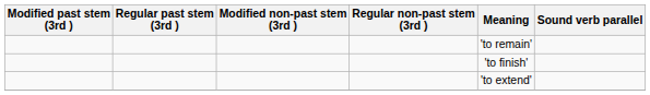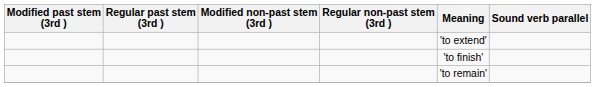 <table class="wikitable" style="text-align:center">
 <tr>
 <th>Modified past stem <br>(3rd  )</th>
 <th>Regular past stem <br> (3rd  )</th>
 <th>Modified non-past stem <br> (3rd  )</th>
 <th>Regular non-past stem<br>(3rd  )</th>
 <th>Meaning</th>
 <th>Sound verb parallel</th>
 </tr>
 <tr>
 <td> <br></td>
 <td> <br></td>
 <td> <br> </td>
 <td> <br> </td>
-<td>'to remain'</td>
+<td>'to extend'</td>
 <td> <br> </td>
 </tr>
 <tr>
 <td> <br> </td>
 <td> <br> </td>
 <td> <br> </td>
 <td> <br> </td>
 <td>'to finish'</td>
 <td> <br><em></em></td>
 </tr>
 <tr>
 <td> <br> </td>
 <td> <br> </td>
 <td> <br> </td>
 <td> <br><em></em></td>
-<td>'to extend'</td>
+<td>'to remain'</td>
 <td><br><em></em></td>
 </tr>
 <tr>
 </tr>
 </table>
